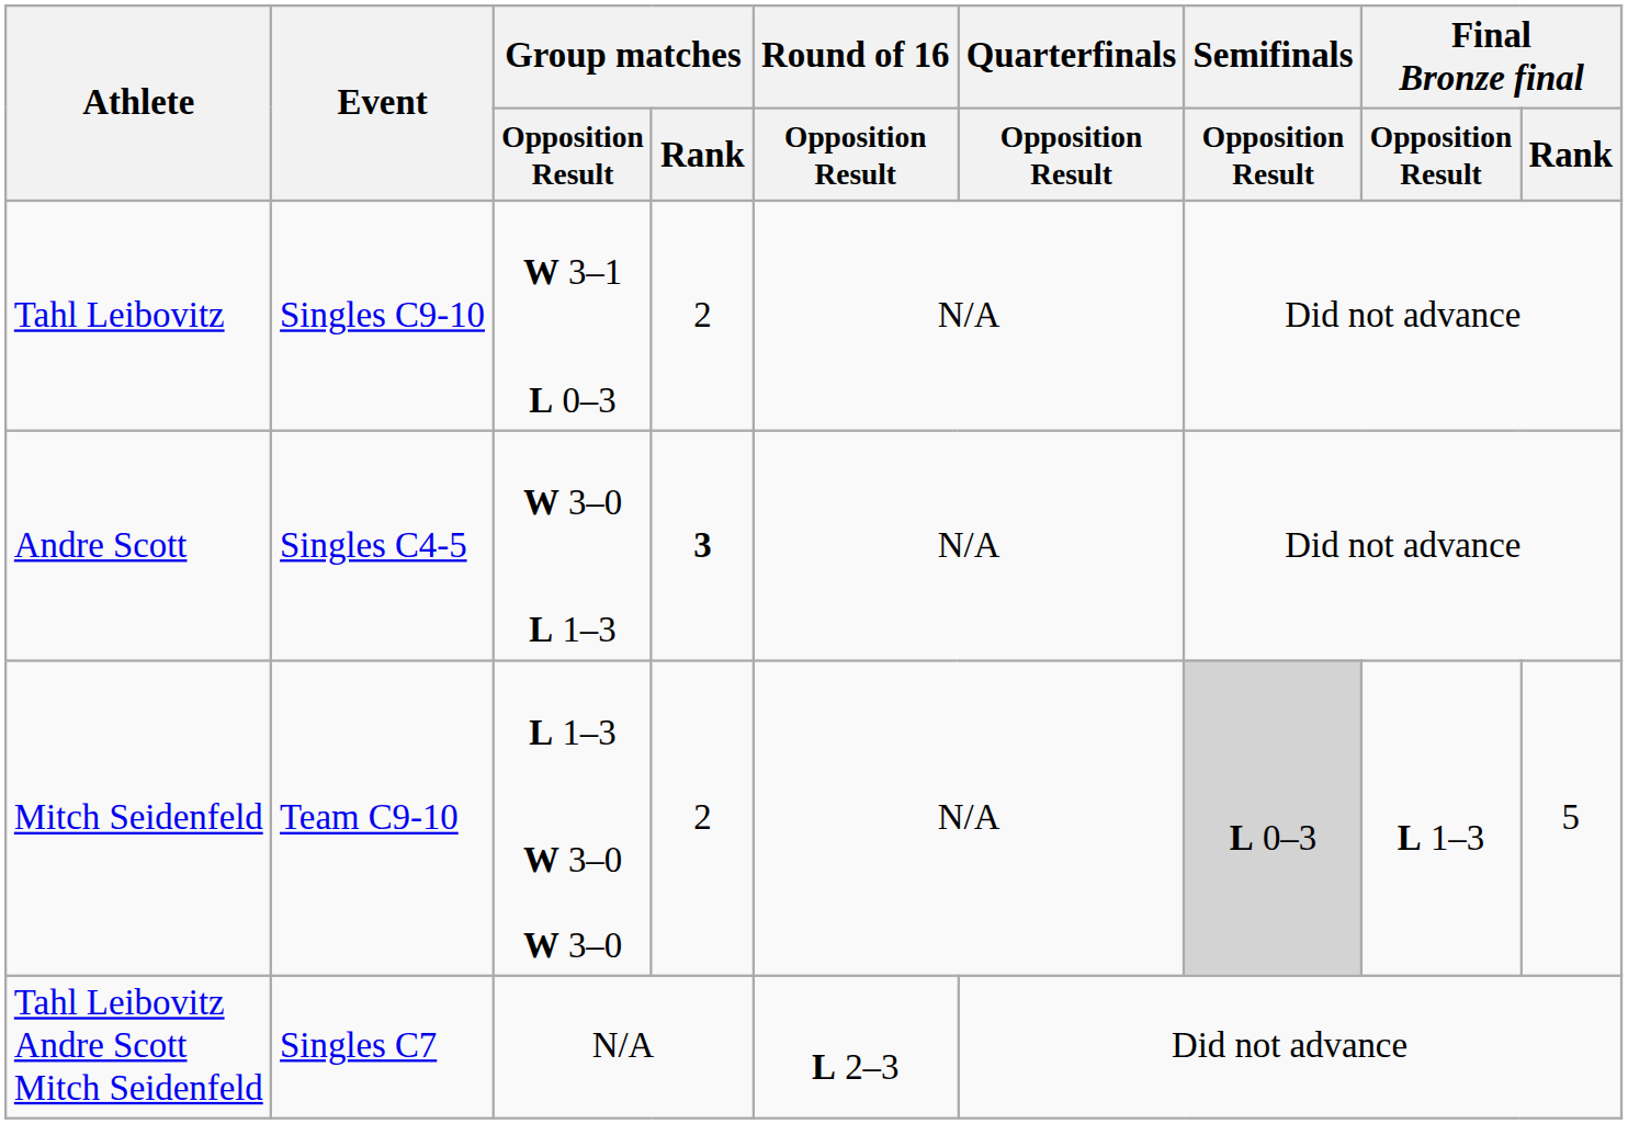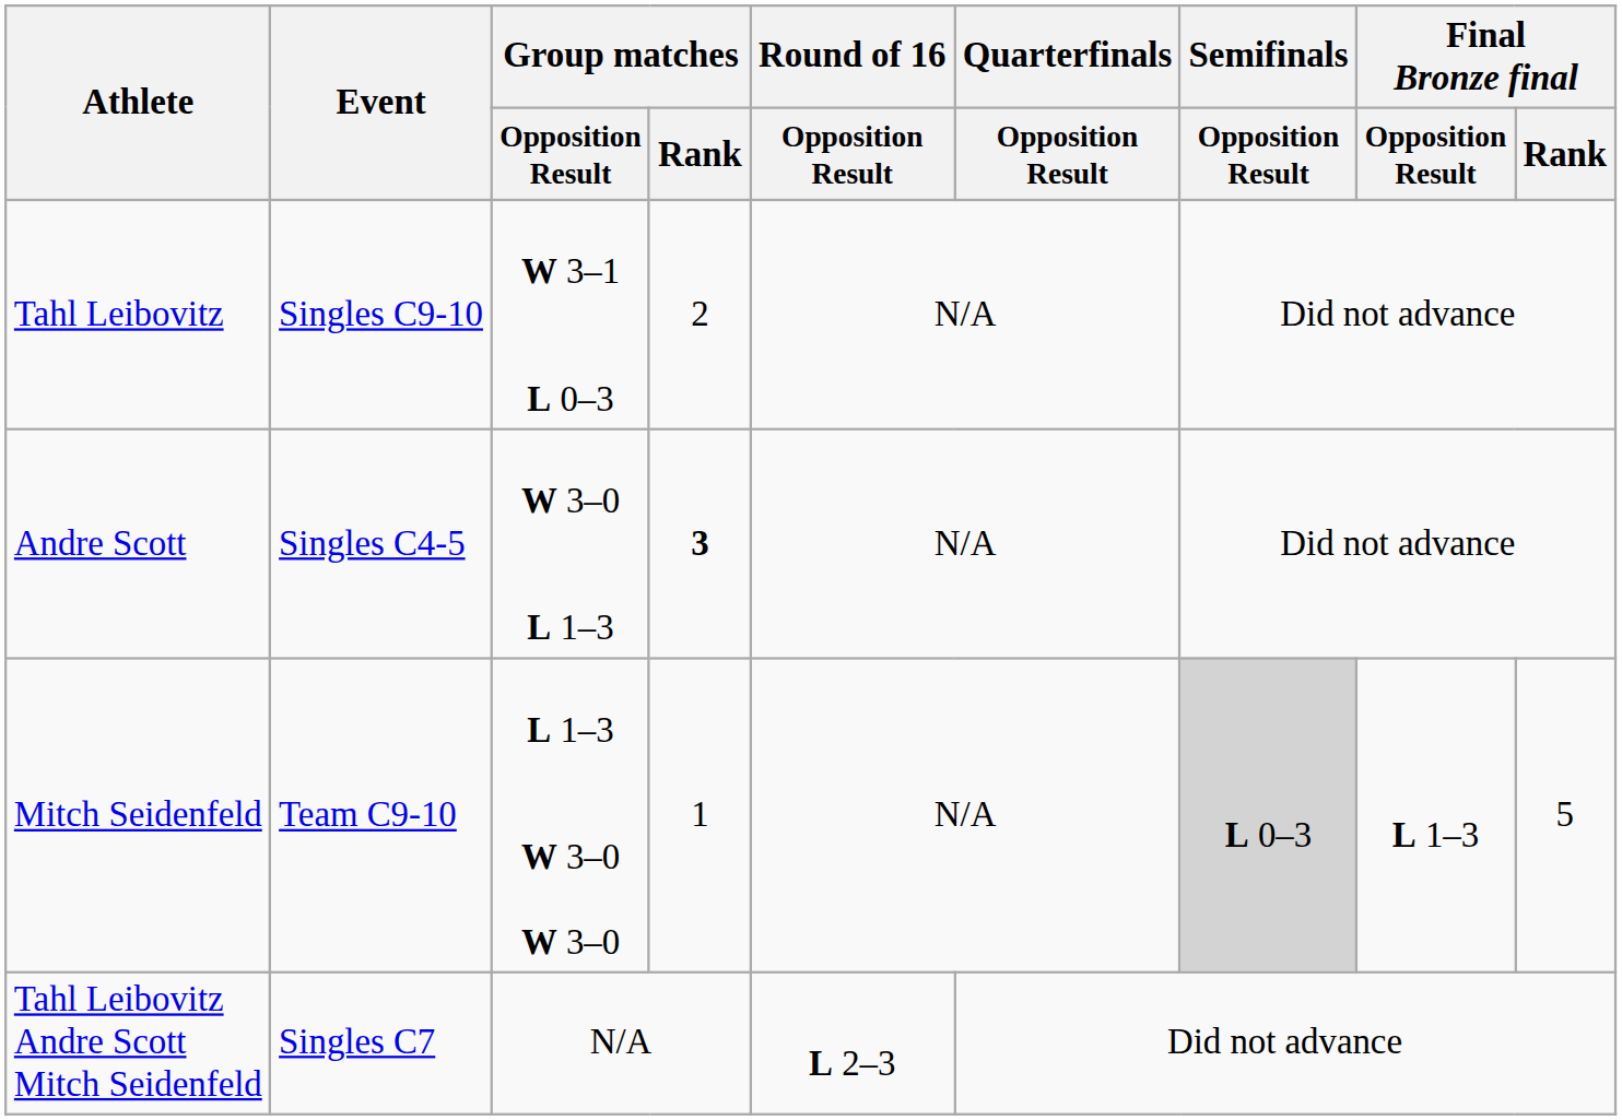 <table class=wikitable style="font-size:90%">
 <tr>
 <th rowspan="2">Athlete</th>
 <th rowspan="2">Event</th>
 <th colspan="2">Group matches</th>
 <th>Round of 16</th>
 <th>Quarterfinals</th>
 <th>Semifinals</th>
 <th colspan="2">Final<br><em>Bronze final</em></th>
 </tr>
 <tr>
 <th style="line-height:1em"><small>Opposition<br>Result</small></th>
 <th>Rank</th>
 <th style="line-height:1em"><small>Opposition<br>Result</small></th>
 <th style="line-height:1em"><small>Opposition<br>Result</small></th>
 <th style="line-height:1em"><small>Opposition<br>Result</small></th>
 <th style="line-height:1em"><small>Opposition<br>Result</small></th>
 <th>Rank</th>
 </tr>
 <tr>
 <td><a href='#'>Tahl Leibovitz</a></td>
 <td><a href='#'>Singles C9-10</a></td>
 <td align="center"><br> <strong>W</strong> 3–1<br><br><br> <strong>L</strong> 0–3</td>
 <td align="center">2</td>
 <td align="center" colspan="2">N/A</td>
 <td align="center" colspan="3">Did not advance</td>
 </tr>
 <tr>
 <td><a href='#'>Andre Scott</a></td>
 <td><a href='#'>Singles C4-5</a></td>
 <td align="center"><br> <strong>W</strong> 3–0<br><br><br> <strong>L</strong> 1–3</td>
 <td align="center"><strong>3</strong></td>
 <td align="center" colspan="2">N/A</td>
 <td align="center" colspan="3">Did not advance</td>
 </tr>
 <tr>
 <td><a href='#'>Mitch Seidenfeld</a></td>
 <td><a href='#'>Team C9-10</a></td>
 <td align="center"><br> <strong>L</strong> 1–3<br><br><br> <strong>W</strong> 3–0<br> <br> <strong>W</strong> 3–0</td>
-<td align="center">2</td>
+<td align="center">1</td>
 <td align="center" colspan="2">N/A</td>
 <td align="center" style="background: lightgrey;"><br> <strong>L</strong> 0–3</td>
 <td align="center"><br> <strong>L</strong> 1–3</td>
 <td align="center">5</td>
 </tr>
 <tr>
 <td><a href='#'>Tahl Leibovitz</a><br><a href='#'>Andre Scott</a><br><a href='#'>Mitch Seidenfeld</a></td>
 <td><a href='#'>Singles C7</a></td>
 <td align="center" colspan="2">N/A</td>
 <td align="center"><br> <strong>L</strong> 2–3</td>
 <td align="center" colspan="4">Did not advance</td>
 </tr>
 </table>
